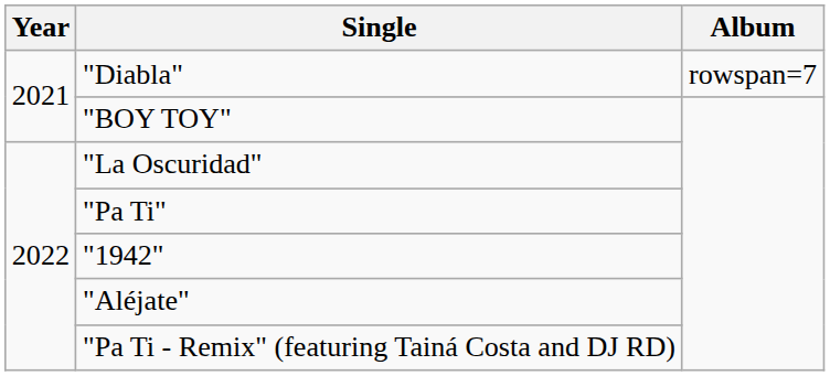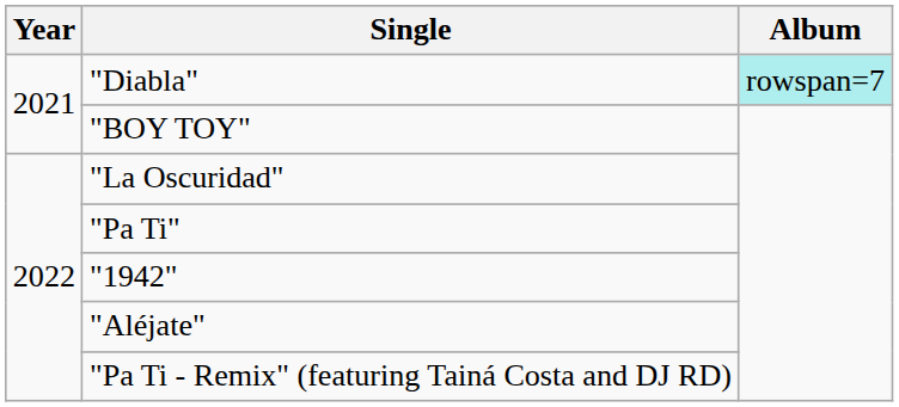 <table class="wikitable">
 <tr>
 <th rowspan="1" align="center">Year</th>
 <th rowspan="1" align="center">Single</th>
 <th rowspan="1" align="center">Album</th>
 </tr>
 <tr>
 <td rowspan="2">2021</td>
 <td align="left">"Diabla"</td>
-<td>rowspan=7 </td>
+<td style="background: paleturquoise;">rowspan=7 </td>
 </tr>
 <tr>
 <td>"BOY TOY"</td>
 </tr>
 <tr>
 <td rowspan="5">2022</td>
 <td>"La Oscuridad"</td>
 </tr>
 <tr>
 <td>"Pa Ti" </td>
 </tr>
 <tr>
 <td>"1942"</td>
 </tr>
 <tr>
 <td>"Aléjate"</td>
 </tr>
 <tr>
 <td>"Pa Ti - Remix" (featuring Tainá Costa and DJ RD)</td>
 </tr>
 </table>
